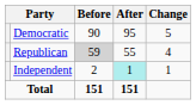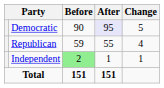 <table class="wikitable" style="text-align:center;">
 <tr>
 <th colspan="2">Party</th>
 <th>Before</th>
 <th>After</th>
 <th>Change</th>
 </tr>
 <tr>
 <th style="background-color:"></th>
 <td style="text-align:left;"><a href='#'>Democratic</a></td>
 <td>90</td>
-<td>95</td>
+<td style="background: lavender;">95</td>
 <td> 5</td>
 </tr>
 <tr>
 <th style="background-color:"></th>
 <td style="text-align:left;"><a href='#'>Republican</a></td>
-<td style="background: lightgrey;">59</td>
+<td>59</td>
 <td>55</td>
 <td> 4</td>
 </tr>
 <tr>
 <th style="background-color:"></th>
 <td style="text-align:left;"><a href='#'>Independent</a></td>
-<td>2</td>
-<td style="background: paleturquoise;">1</td>
+<td style="background: lightgreen;">2</td>
+<td>1</td>
 <td> 1</td>
 </tr>
 <tr>
 <td colspan="2"><strong>Total</strong></td>
 <td><strong>151</strong></td>
 <td><strong>151</strong></td>
 <td></td>
 </tr>
 </table>
